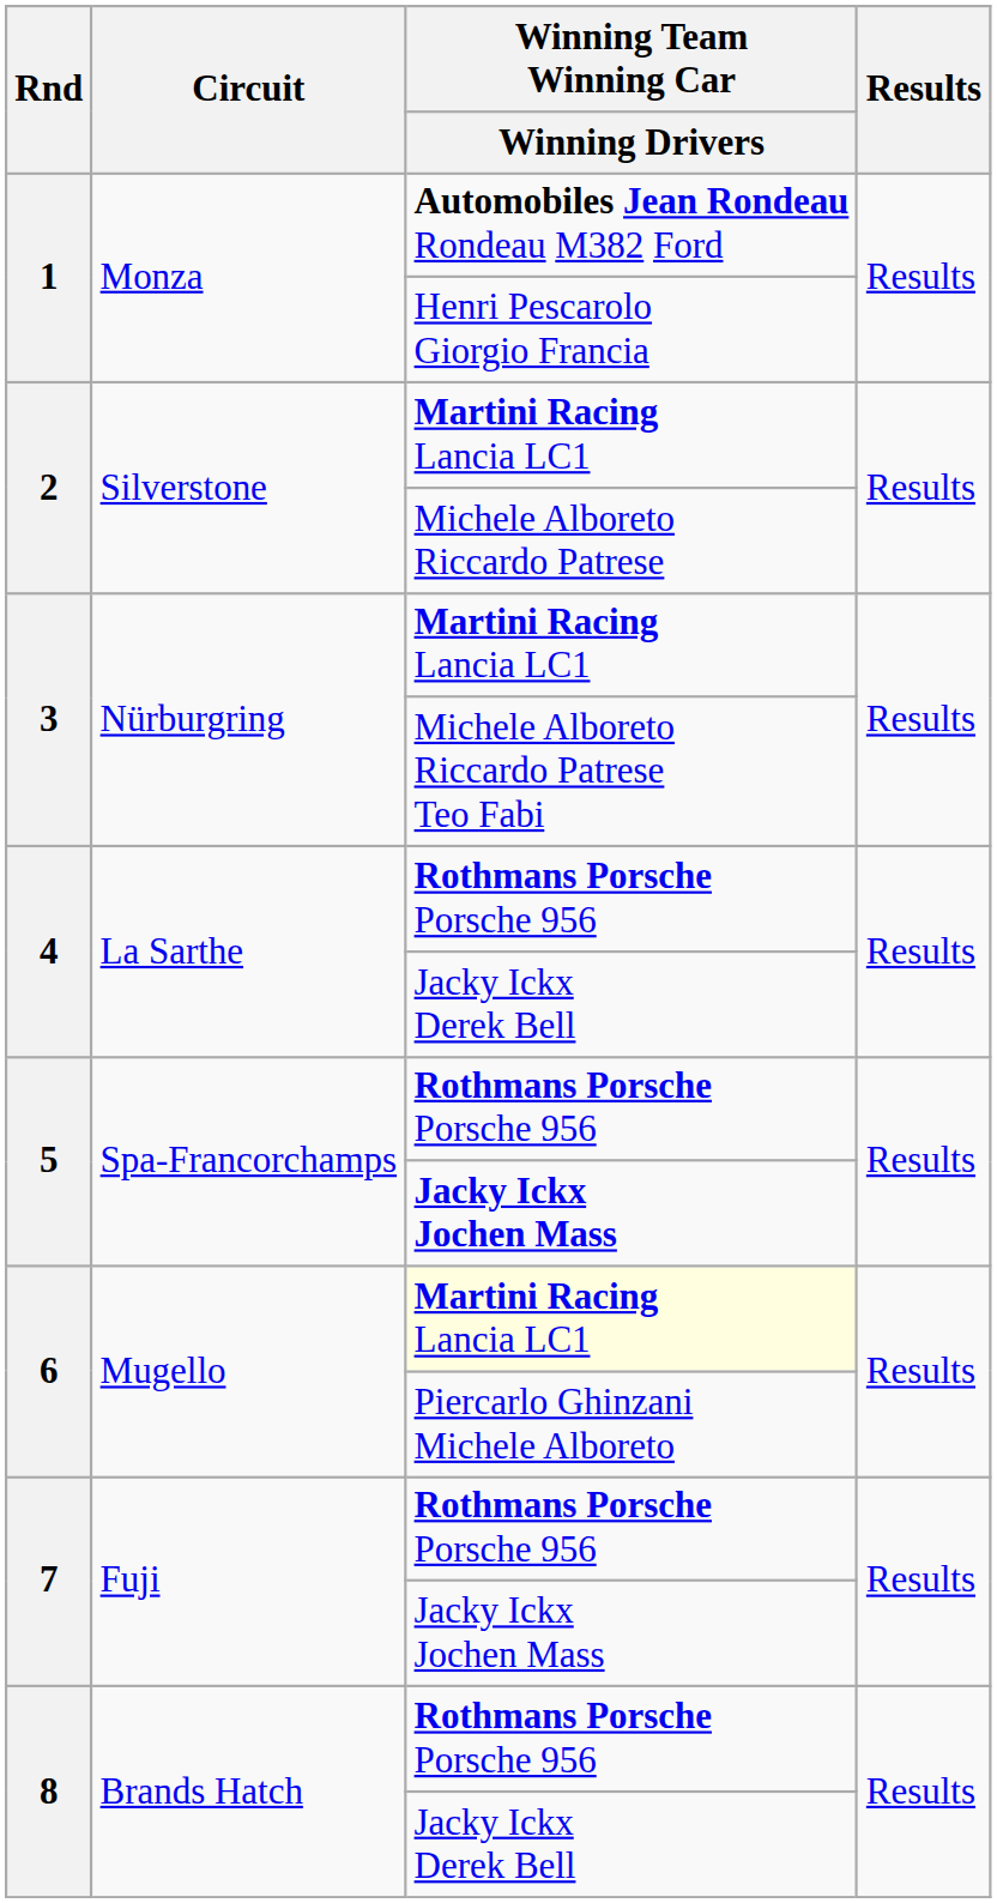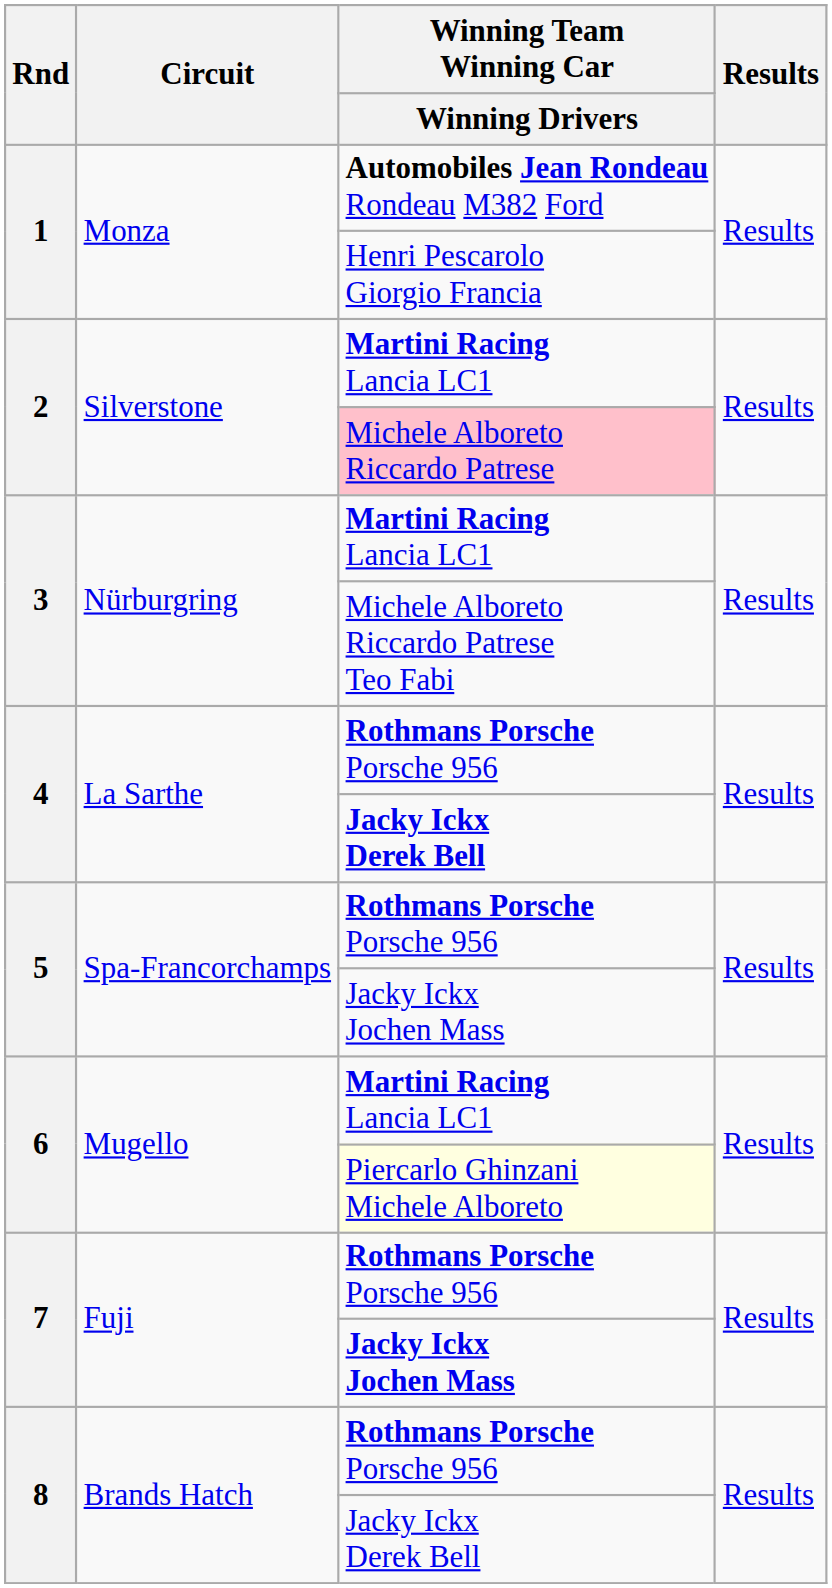 <table class="wikitable" style="font-size: 90%;">
 <tr>
 <th rowspan=2>Rnd</th>
 <th rowspan=2>Circuit</th>
 <th>Winning Team<br>Winning Car</th>
 <th rowspan=2>Results</th>
 </tr>
 <tr>
 <th>Winning Drivers</th>
 </tr>
 <tr>
 <th rowspan=2>1</th>
 <td rowspan=2><a href='#'>Monza</a></td>
 <td><strong> Automobiles <a href='#'>Jean Rondeau</a></strong><br> <a href='#'>Rondeau</a> <a href='#'>M382</a> <a href='#'>Ford</a></td>
 <td rowspan=2><a href='#'>Results</a></td>
 </tr>
 <tr>
 <td> <a href='#'>Henri Pescarolo</a><br> <a href='#'>Giorgio Francia</a></td>
 </tr>
 <tr>
 <th rowspan=2>2</th>
 <td rowspan=2><a href='#'>Silverstone</a></td>
 <td><strong> <a href='#'>Martini Racing</a></strong><br> <a href='#'>Lancia LC1</a></td>
 <td rowspan=2><a href='#'>Results</a></td>
 </tr>
 <tr>
-<td> <a href='#'>Michele Alboreto</a><br> <a href='#'>Riccardo Patrese</a></td>
+<td style="background: pink;"> <a href='#'>Michele Alboreto</a><br> <a href='#'>Riccardo Patrese</a></td>
 </tr>
 <tr>
 <th rowspan=2>3</th>
 <td rowspan=2><a href='#'>Nürburgring</a></td>
 <td><strong> <a href='#'>Martini Racing</a></strong><br> <a href='#'>Lancia LC1</a></td>
 <td rowspan=2><a href='#'>Results</a></td>
 </tr>
 <tr>
 <td> <a href='#'>Michele Alboreto</a><br> <a href='#'>Riccardo Patrese</a><br> <a href='#'>Teo Fabi</a></td>
 </tr>
 <tr>
 <th rowspan=2>4</th>
 <td rowspan=2><a href='#'>La Sarthe</a></td>
 <td><strong> <a href='#'>Rothmans Porsche</a></strong><br> <a href='#'>Porsche 956</a></td>
 <td rowspan=2><a href='#'>Results</a></td>
 </tr>
 <tr>
-<td> <a href='#'>Jacky Ickx</a><br> <a href='#'>Derek Bell</a></td>
+<td><strong> <a href='#'>Jacky Ickx</a><br> <a href='#'>Derek Bell</a></strong></td>
 </tr>
 <tr>
 <th rowspan=2>5</th>
 <td rowspan=2><a href='#'>Spa-Francorchamps</a></td>
 <td><strong> <a href='#'>Rothmans Porsche</a></strong><br> <a href='#'>Porsche 956</a></td>
 <td rowspan=2><a href='#'>Results</a></td>
 </tr>
 <tr>
-<td><strong> <a href='#'>Jacky Ickx</a><br> <a href='#'>Jochen Mass</a></strong></td>
+<td> <a href='#'>Jacky Ickx</a><br> <a href='#'>Jochen Mass</a></td>
 </tr>
 <tr>
 <th rowspan=2>6</th>
 <td rowspan=2><a href='#'>Mugello</a></td>
-<td style="background: lightyellow;"><strong> <a href='#'>Martini Racing</a></strong><br> <a href='#'>Lancia LC1</a></td>
+<td><strong> <a href='#'>Martini Racing</a></strong><br> <a href='#'>Lancia LC1</a></td>
 <td rowspan=2><a href='#'>Results</a></td>
 </tr>
 <tr>
-<td> <a href='#'>Piercarlo Ghinzani</a><br> <a href='#'>Michele Alboreto</a></td>
+<td style="background: lightyellow;"> <a href='#'>Piercarlo Ghinzani</a><br> <a href='#'>Michele Alboreto</a></td>
 </tr>
 <tr>
 <th rowspan=2>7</th>
 <td rowspan=2><a href='#'>Fuji</a></td>
 <td><strong> <a href='#'>Rothmans Porsche</a></strong><br> <a href='#'>Porsche 956</a></td>
 <td rowspan=2><a href='#'>Results</a></td>
 </tr>
 <tr>
-<td> <a href='#'>Jacky Ickx</a><br> <a href='#'>Jochen Mass</a></td>
+<td><strong> <a href='#'>Jacky Ickx</a><br> <a href='#'>Jochen Mass</a></strong></td>
 </tr>
 <tr>
 <th rowspan=2>8</th>
 <td rowspan=2><a href='#'>Brands Hatch</a></td>
 <td><strong> <a href='#'>Rothmans Porsche</a></strong><br> <a href='#'>Porsche 956</a></td>
 <td rowspan=2><a href='#'>Results</a></td>
 </tr>
 <tr>
 <td> <a href='#'>Jacky Ickx</a><br> <a href='#'>Derek Bell</a></td>
 </tr>
 </table>
